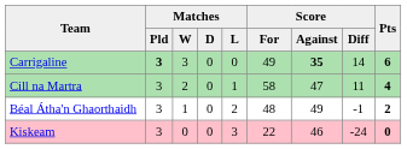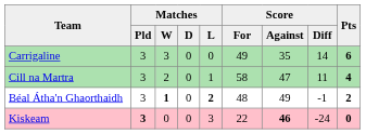 <table style=border-collapse:collapse border=1 cellspacing=0 cellpadding=5>
 <tr align=center bgcolor=#efefef>
 <th rowspan=2 width=165>Team</th>
 <th colspan=4>Matches</th>
 <th colspan=3>Score</th>
 <th rowspan=2width=20>Pts</th>
 </tr>
 <tr align=center bgcolor=#efefef>
 <th width=20>Pld</th>
 <th width=20>W</th>
 <th width=20>D</th>
 <th width=20>L</th>
 <th width=45>For</th>
 <th width=45>Against</th>
 <th width=30>Diff</th>
 </tr>
 <tr align=center style="background:#ACE1AF;">
 <td style="text-align:left;"><a href='#'>Carrigaline</a></td>
-<td><strong>3</strong></td>
+<td>3</td>
 <td>3</td>
 <td>0</td>
 <td>0</td>
 <td>49</td>
-<td><strong>35</strong></td>
+<td>35</td>
 <td>14</td>
 <td><strong>6</strong></td>
 </tr>
 <tr align=center style="background:#ACE1AF;">
 <td style="text-align:left;"><a href='#'>Cill na Martra</a></td>
 <td>3</td>
 <td>2</td>
 <td>0</td>
 <td>1</td>
 <td>58</td>
 <td>47</td>
 <td>11</td>
 <td><strong>4</strong></td>
 </tr>
 <tr align=center>
 <td style="text-align:left;"><a href='#'>Béal Átha'n Ghaorthaidh</a></td>
 <td>3</td>
-<td>1</td>
+<td><strong>1</strong></td>
 <td>0</td>
-<td>2</td>
+<td><strong>2</strong></td>
 <td>48</td>
 <td>49</td>
 <td>-1</td>
 <td><strong>2</strong></td>
 </tr>
 <tr align=center style="background:#FFC0CB;">
 <td style="text-align:left;"><a href='#'>Kiskeam</a></td>
-<td>3</td>
+<td><strong>3</strong></td>
 <td>0</td>
 <td>0</td>
 <td>3</td>
 <td>22</td>
-<td>46</td>
+<td><strong>46</strong></td>
 <td>-24</td>
 <td><strong>0</strong></td>
 </tr>
 </table>
